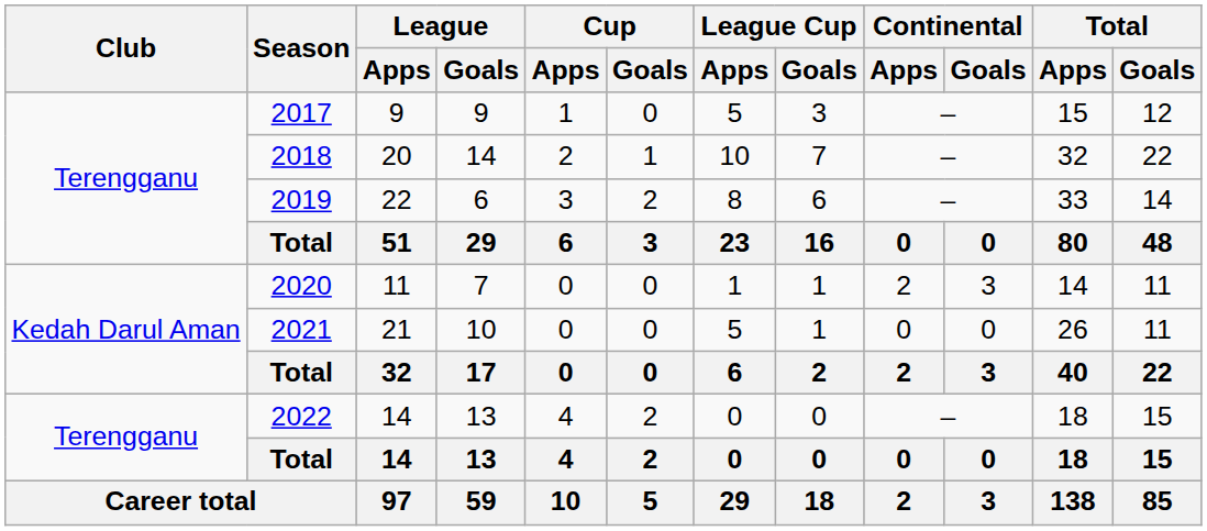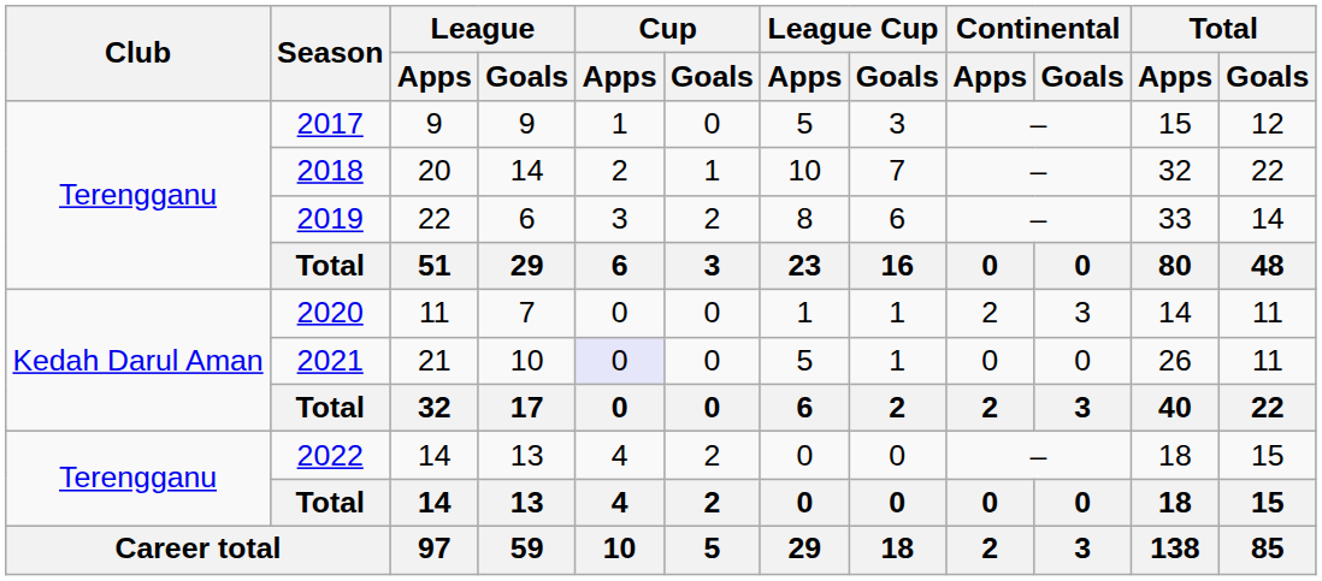 <table class="wikitable" style="text-align: center;">
 <tr>
 <th rowspan="2">Club</th>
 <th rowspan="2">Season</th>
 <th colspan="2">League</th>
 <th colspan="2">Cup</th>
 <th colspan="2">League Cup</th>
 <th colspan="2">Continental</th>
 <th colspan="2">Total</th>
 </tr>
 <tr>
 <th>Apps</th>
 <th>Goals</th>
 <th>Apps</th>
 <th>Goals</th>
 <th>Apps</th>
 <th>Goals</th>
 <th>Apps</th>
 <th>Goals</th>
 <th>Apps</th>
 <th>Goals</th>
 </tr>
 <tr>
 <td rowspan="4" valign="center"><a href='#'>Terengganu</a></td>
 <td><a href='#'>2017</a></td>
 <td>9</td>
 <td>9</td>
 <td>1</td>
 <td>0</td>
 <td>5</td>
 <td>3</td>
 <td colspan="2">–</td>
 <td>15</td>
 <td>12</td>
 </tr>
 <tr>
 <td><a href='#'>2018</a></td>
 <td>20</td>
 <td>14</td>
 <td>2</td>
 <td>1</td>
 <td>10</td>
 <td>7</td>
 <td colspan="2">–</td>
 <td>32</td>
 <td>22</td>
 </tr>
 <tr>
 <td><a href='#'>2019</a></td>
 <td>22</td>
 <td>6</td>
 <td>3</td>
 <td>2</td>
 <td>8</td>
 <td>6</td>
 <td colspan="2">–</td>
 <td>33</td>
 <td>14</td>
 </tr>
 <tr>
 <th>Total</th>
 <th>51</th>
 <th>29</th>
 <th>6</th>
 <th>3</th>
 <th>23</th>
 <th>16</th>
 <th>0</th>
 <th>0</th>
 <th>80</th>
 <th>48</th>
 </tr>
 <tr>
 <td rowspan="3" valign="center"><a href='#'>Kedah Darul Aman</a></td>
 <td><a href='#'>2020</a></td>
 <td>11</td>
 <td>7</td>
 <td>0</td>
 <td>0</td>
 <td>1</td>
 <td>1</td>
 <td>2</td>
 <td>3</td>
 <td>14</td>
 <td>11</td>
 </tr>
 <tr>
 <td><a href='#'>2021</a></td>
 <td>21</td>
 <td>10</td>
-<td>0</td>
+<td style="background: lavender;">0</td>
 <td>0</td>
 <td>5</td>
 <td>1</td>
 <td>0</td>
 <td>0</td>
 <td>26</td>
 <td>11</td>
 </tr>
 <tr>
 <th>Total</th>
 <th>32</th>
 <th>17</th>
 <th>0</th>
 <th>0</th>
 <th>6</th>
 <th>2</th>
 <th>2</th>
 <th>3</th>
 <th>40</th>
 <th>22</th>
 </tr>
 <tr>
 <td rowspan="2" valign="center"><a href='#'>Terengganu</a></td>
 <td><a href='#'>2022</a></td>
 <td>14</td>
 <td>13</td>
 <td>4</td>
 <td>2</td>
 <td>0</td>
 <td>0</td>
 <td colspan="2">–</td>
 <td>18</td>
 <td>15</td>
 </tr>
 <tr>
 <th>Total</th>
 <th>14</th>
 <th>13</th>
 <th>4</th>
 <th>2</th>
 <th>0</th>
 <th>0</th>
 <th>0</th>
 <th>0</th>
 <th>18</th>
 <th>15</th>
 </tr>
 <tr>
 <th colspan="2">Career total</th>
 <th>97</th>
 <th>59</th>
 <th>10</th>
 <th>5</th>
 <th>29</th>
 <th>18</th>
 <th>2</th>
 <th>3</th>
 <th>138</th>
 <th>85</th>
 </tr>
 </table>
